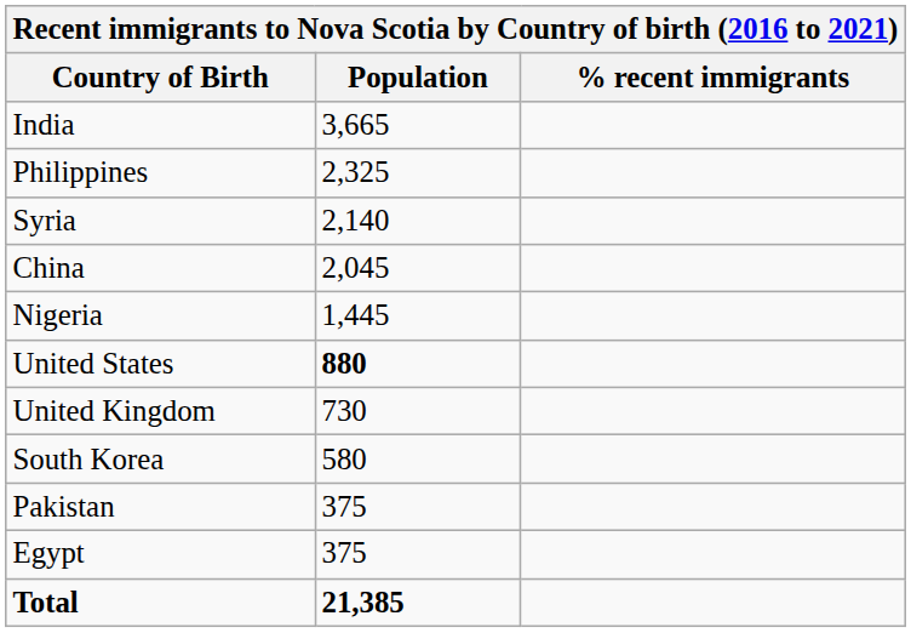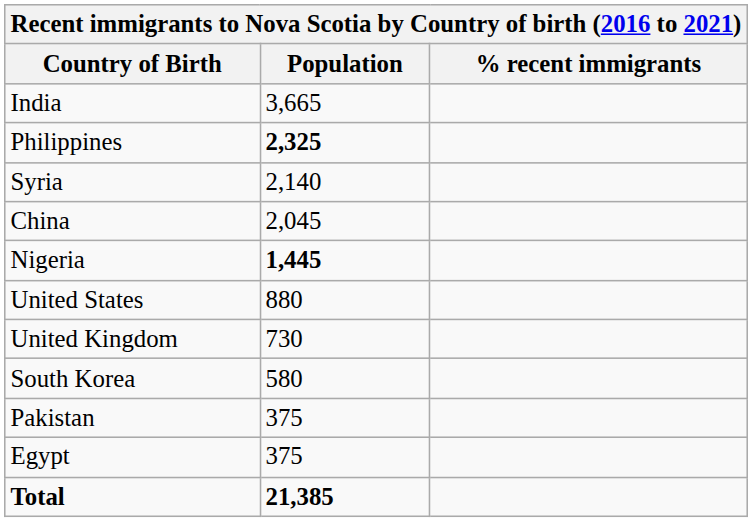 <table class="wikitable">
 <tr>
 <th colspan="4">Recent immigrants to Nova Scotia by Country of birth (<a href='#'>2016</a> to <a href='#'>2021</a>)</th>
 </tr>
 <tr>
 <th>Country of Birth</th>
 <th>Population</th>
 <th>% recent immigrants</th>
 </tr>
 <tr>
 <td>India</td>
 <td>3,665</td>
 <td></td>
 </tr>
 <tr>
 <td>Philippines</td>
-<td>2,325</td>
+<td><strong>2,325</strong></td>
 <td></td>
 </tr>
 <tr>
 <td>Syria</td>
 <td>2,140</td>
 <td></td>
 </tr>
 <tr>
 <td>China</td>
 <td>2,045</td>
 <td></td>
 </tr>
 <tr>
 <td>Nigeria</td>
-<td>1,445</td>
+<td><strong>1,445</strong></td>
 <td></td>
 </tr>
 <tr>
 <td>United States</td>
-<td><strong>880</strong></td>
+<td>880</td>
 <td></td>
 </tr>
 <tr>
 <td>United Kingdom</td>
 <td>730</td>
 <td></td>
 </tr>
 <tr>
 <td>South Korea</td>
 <td>580</td>
 <td></td>
 </tr>
 <tr>
 <td>Pakistan</td>
 <td>375</td>
 <td></td>
 </tr>
 <tr>
 <td>Egypt</td>
 <td>375</td>
 <td></td>
 </tr>
 <tr>
 <td><strong>Total</strong></td>
 <td><strong>21,385</strong></td>
 <td><strong></strong></td>
 </tr>
 </table>
